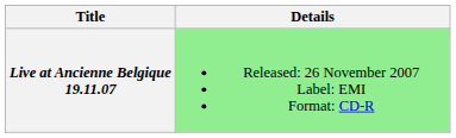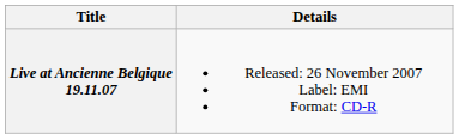 <table class="wikitable plainrowheaders" style="text-align:center">
 <tr>
 <th scope="col" style="width:11em;">Title</th>
 <th scope="col" style="width:18em;">Details</th>
 </tr>
 <tr>
 <th scope="row"><em>Live at Ancienne Belgique 19.11.07</em></th>
-<td style="background: lightgreen;"><br><ul><li>Released: 26 November 2007</li><li>Label: EMI</li><li>Format: <a href='#'>CD-R</a></li></ul></td>
+<td><br><ul><li>Released: 26 November 2007</li><li>Label: EMI</li><li>Format: <a href='#'>CD-R</a></li></ul></td>
 </tr>
 </table>
